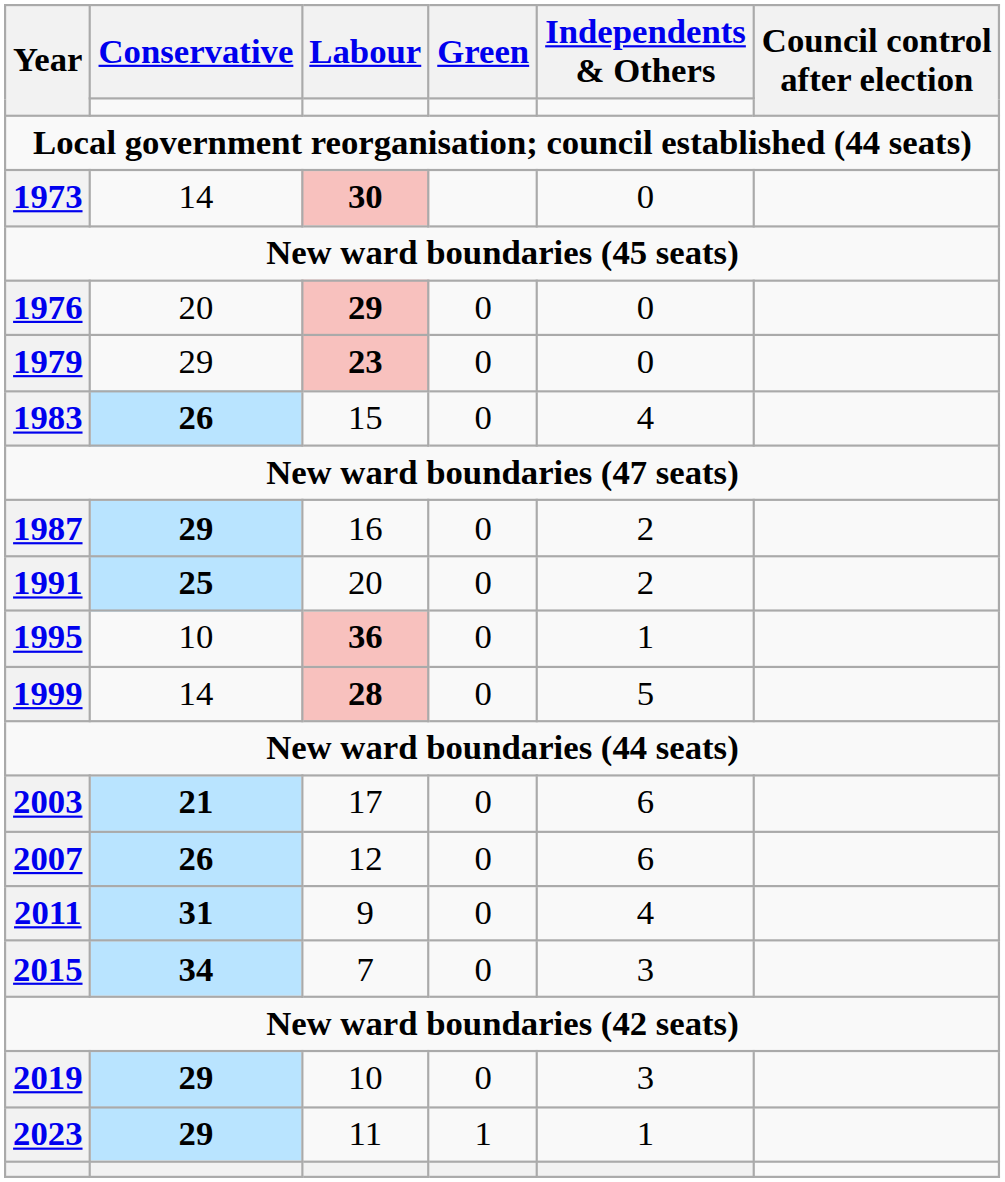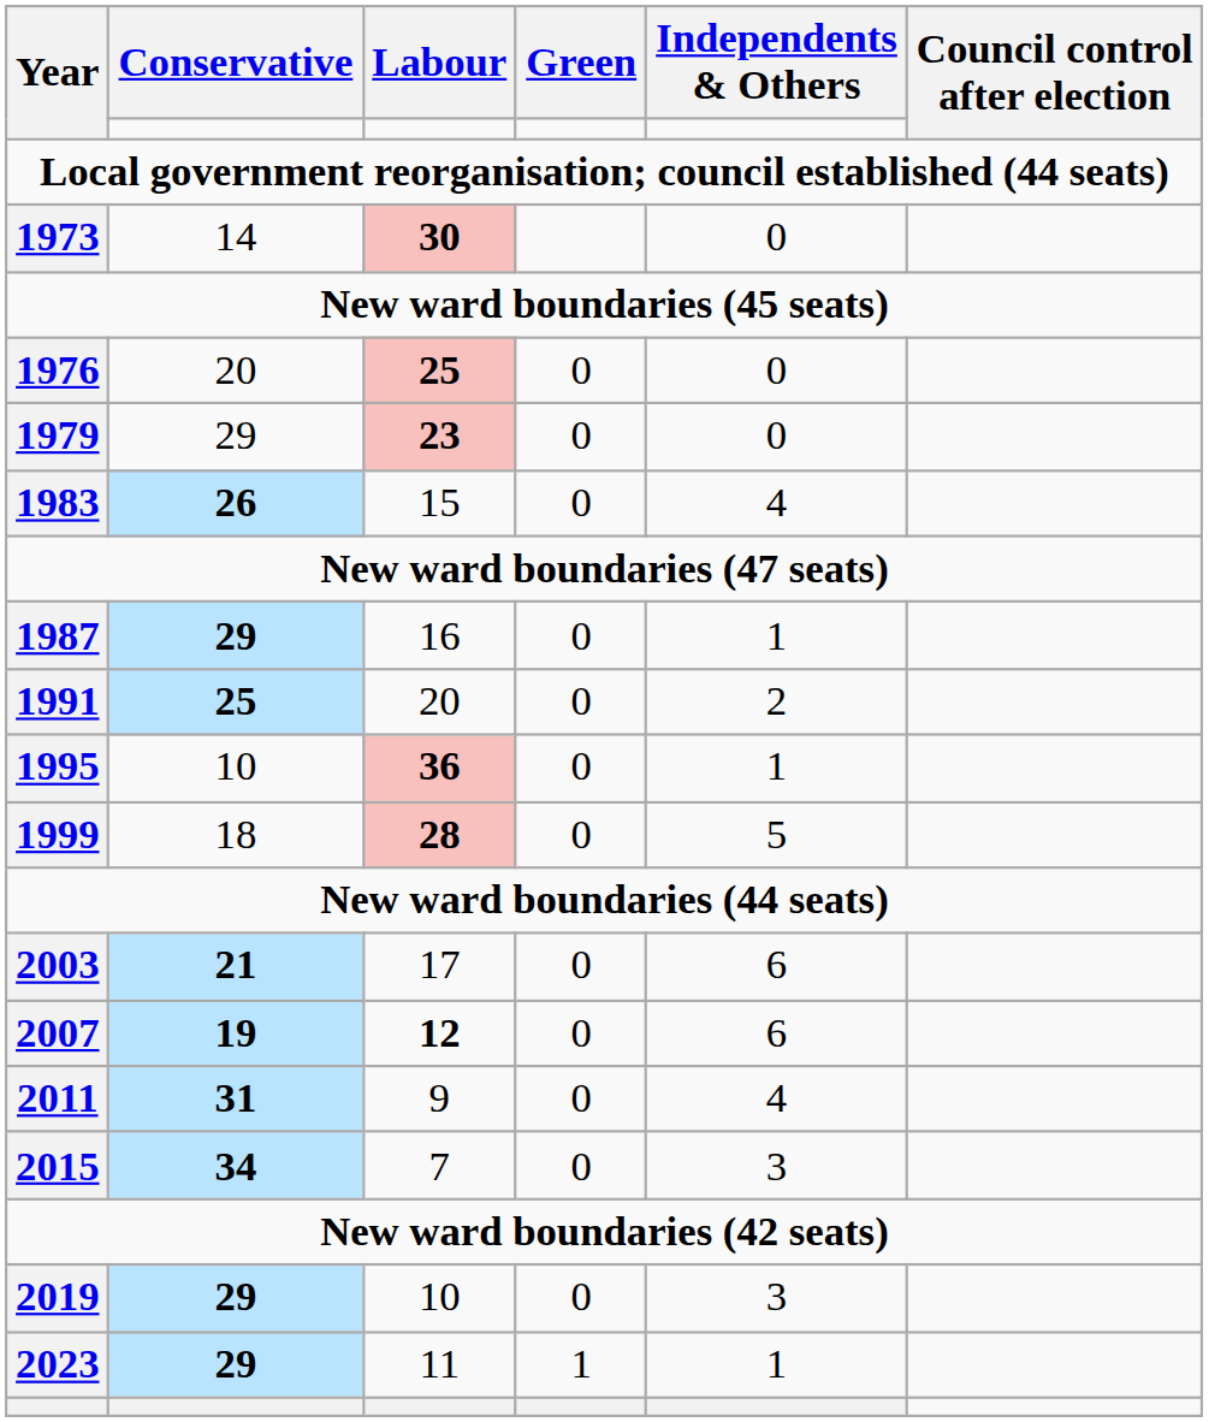 <table class="wikitable plainrowheaders" style="text-align:center">
 <tr>
 <th scope="col" rowspan="2">Year</th>
 <th scope="col"><a href='#'>Conservative</a></th>
 <th scope="col"><a href='#'>Labour</a></th>
 <th scope="col"><a href='#'>Green</a></th>
 <th scope="col"><a href='#'>Independents</a><br>& Others</th>
 <th scope="col" rowspan="2" colspan="2">Council control<br>after election</th>
 </tr>
 <tr>
 <td style="background:"></td>
 <td style="background:"></td>
 <td style="background:"></td>
 <td style="background:"></td>
 </tr>
 <tr>
 <td colspan="9"><strong>Local government reorganisation; council established (44 seats)</strong></td>
 </tr>
 <tr>
 <th scope="row"><a href='#'>1973</a></th>
 <td>14</td>
 <td style="background:#F8C1BE;"><strong>30</strong></td>
 <td></td>
 <td>0</td>
 <td></td>
 </tr>
 <tr>
 <td colspan="9"><strong>New ward boundaries (45 seats)</strong></td>
 </tr>
 <tr>
 <th scope="row"><a href='#'>1976</a></th>
 <td>20</td>
-<td style="background:#F8C1BE;"><strong>29</strong></td>
+<td style="background:#F8C1BE;"><strong>25</strong></td>
 <td>0</td>
 <td>0</td>
 <td></td>
 </tr>
 <tr>
 <th scope="row"><a href='#'>1979</a></th>
 <td>29</td>
 <td style="background:#F8C1BE;"><strong>23</strong></td>
 <td>0</td>
 <td>0</td>
 <td></td>
 </tr>
 <tr>
 <th scope="row"><a href='#'>1983</a></th>
 <td style="background:#B9E4FF;"><strong>26</strong></td>
 <td>15</td>
 <td>0</td>
 <td>4</td>
 <td></td>
 </tr>
 <tr>
 <td colspan="9"><strong>New ward boundaries (47 seats)</strong></td>
 </tr>
 <tr>
 <th scope="row"><a href='#'>1987</a></th>
 <td style="background:#B9E4FF;"><strong>29</strong></td>
 <td>16</td>
 <td>0</td>
-<td>2</td>
+<td>1</td>
 <td></td>
 </tr>
 <tr>
 <th scope="row"><a href='#'>1991</a></th>
 <td style="background:#B9E4FF;"><strong>25</strong></td>
 <td>20</td>
 <td>0</td>
 <td>2</td>
 <td></td>
 </tr>
 <tr>
 <th scope="row"><a href='#'>1995</a></th>
 <td>10</td>
 <td style="background:#F8C1BE;"><strong>36</strong></td>
 <td>0</td>
 <td>1</td>
 <td></td>
 </tr>
 <tr>
 <th scope="row"><a href='#'>1999</a></th>
-<td>14</td>
+<td>18</td>
 <td style="background:#F8C1BE;"><strong>28</strong></td>
 <td>0</td>
 <td>5</td>
 <td></td>
 </tr>
 <tr>
 <td colspan="9"><strong>New ward boundaries (44 seats)</strong></td>
 </tr>
 <tr>
 <th scope="row"><a href='#'>2003</a></th>
 <td style="background:#B9E4FF;"><strong>21</strong></td>
 <td>17</td>
 <td>0</td>
 <td>6</td>
 <td></td>
 </tr>
 <tr>
 <th scope="row"><a href='#'>2007</a></th>
-<td style="background:#B9E4FF;"><strong>26</strong></td>
-<td>12</td>
+<td style="background:#B9E4FF;"><strong>19</strong></td>
+<td><strong>12</strong></td>
 <td>0</td>
 <td>6</td>
 <td></td>
 </tr>
 <tr>
 <th scope="row"><a href='#'>2011</a></th>
 <td style="background:#B9E4FF;"><strong>31</strong></td>
 <td>9</td>
 <td>0</td>
 <td>4</td>
 <td></td>
 </tr>
 <tr>
 <th scope="row"><a href='#'>2015</a></th>
 <td style="background:#B9E4FF;"><strong>34</strong></td>
 <td>7</td>
 <td>0</td>
 <td>3</td>
 <td></td>
 </tr>
 <tr>
 <td colspan="9"><strong>New ward boundaries (42 seats)</strong></td>
 </tr>
 <tr>
 <th scope="row"><a href='#'>2019</a></th>
 <td style="background:#B9E4FF;"><strong>29</strong></td>
 <td>10</td>
 <td>0</td>
 <td>3</td>
 <td></td>
 </tr>
 <tr>
 <th scope="row"><a href='#'>2023</a></th>
 <td style="background:#B9E4FF;"><strong>29</strong></td>
 <td>11</td>
 <td>1</td>
 <td>1</td>
 <td></td>
 </tr>
 <tr>
 <th></th>
 <th style="background-color: "></th>
 <th style="background-color: "></th>
 <th style="background-color: "></th>
 <th style="background-color: "></th>
 </tr>
 </table>
